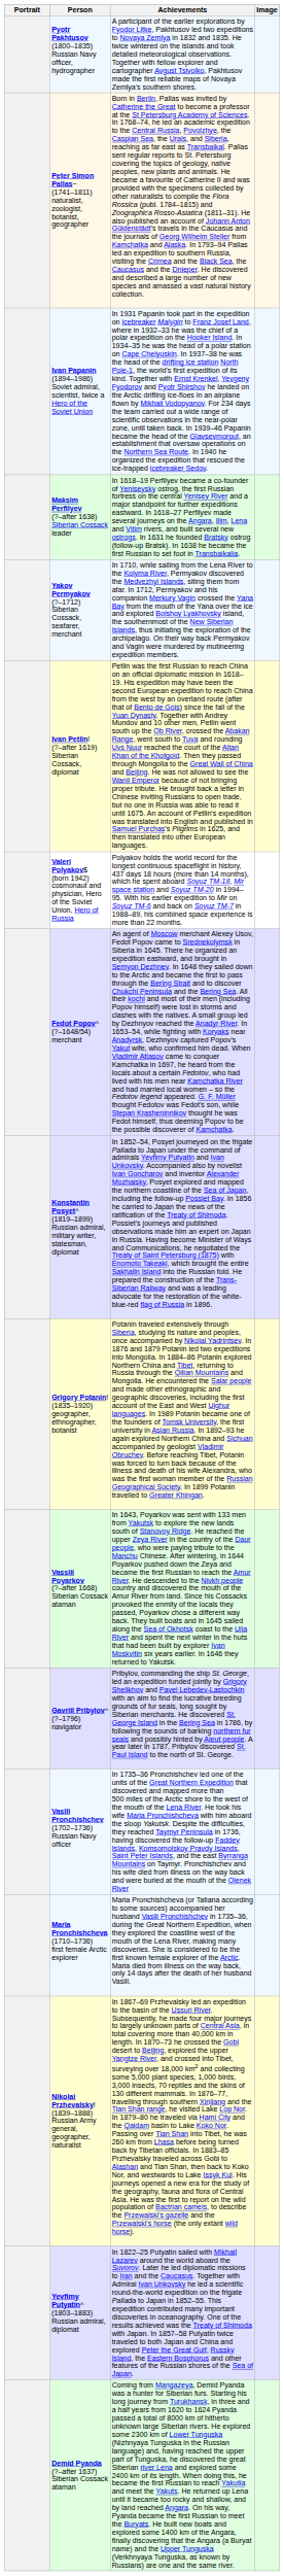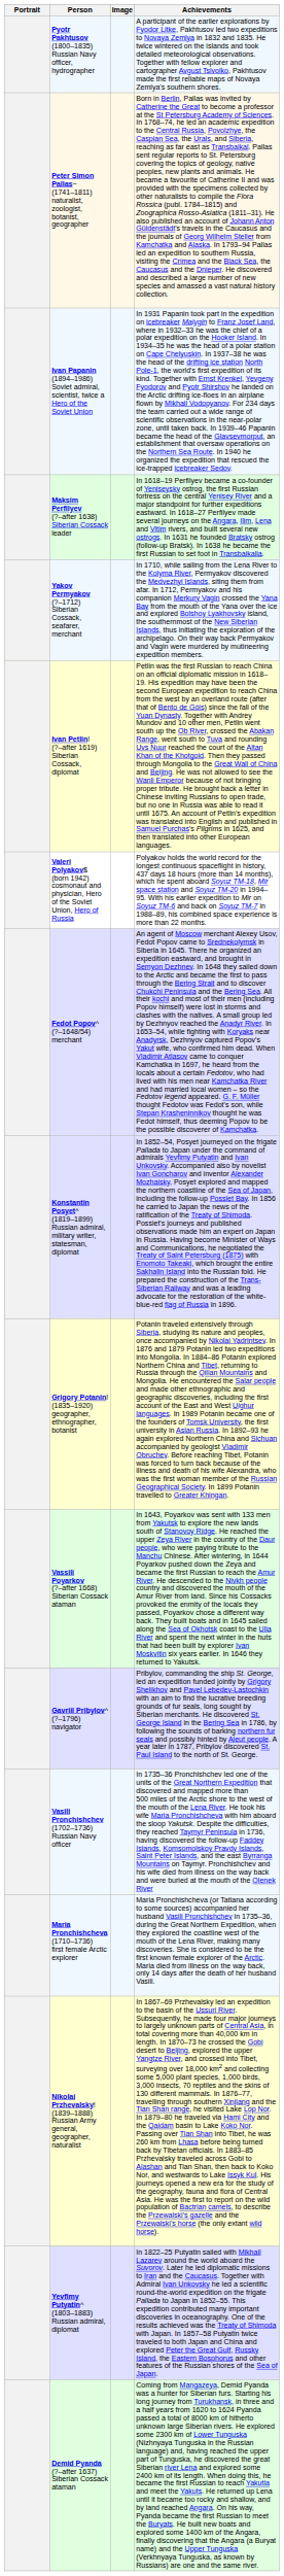 <table class="wikitable">
 <tr style="background:#ccc;">
 <th scope="col" width=18%>Portrait</th>
 <th scope="col" width=22%>Person</th>
+<th scope="col">Image</th>
 <th scope="col" width=60%>Achievements</th>
-<th scope="col">Image</th>
 </tr>
 <tr style="background:#f0f8ff;">
 <th scope="row" align=center></th>
 <td><strong><a href='#'>Pyotr Pakhtusov</a></strong><br>(1800–1835)<br>Russian Navy officer, hydrographer<br><br></td>
+<td align=center></td>
 <td>A participant of the earlier explorations by <a href='#'>Fyodor Litke</a>, Pakhtusov led two expeditions to <a href='#'>Novaya Zemlya</a> in 1832 and 1835. He twice wintered on the islands and took detailed meteorological observations. Together with fellow explorer and cartographer <a href='#'>Avgust Tsivolko</a>, Pakhtusov made the first reliable maps of Novaya Zemlya's southern shores.</td>
-<td align=center></td>
 </tr>
 <tr style="background:#fff8e7;">
 <th scope="row" align=center></th>
 <td><strong><a href='#'>Peter Simon Pallas</a></strong>~<br>(1741–1811)<br>naturalist, zoologist, botanist, geographer</td>
+<td align=center> </td>
 <td>Born in <a href='#'>Berlin</a>, Pallas was invited by <a href='#'>Catherine the Great</a> to become a professor at the <a href='#'>St Petersburg Academy of Sciences</a>. In 1768–74, he led an academic expedition to the <a href='#'>Central Russia</a>, <a href='#'>Povolzhye</a>, the <a href='#'>Caspian Sea</a>, the <a href='#'>Urals</a>, and <a href='#'>Siberia</a>, reaching as far east as <a href='#'>Transbaikal</a>. Pallas sent regular reports to St. Petersburg covering the topics of geology, native peoples, new plants and animals. He became a favourite of Catherine II and was provided with the specimens collected by other naturalists to compile the <em>Flora Rossica</em> (publ. 1784–1815) and <em>Zoographica Rosso-Asiatica</em> (1811–31). He also published an account of <a href='#'>Johann Anton Güldenstädt</a>'s travels in the Caucasus and the journals of <a href='#'>Georg Wilhelm Steller</a> from <a href='#'>Kamchatka</a> and <a href='#'>Alaska</a>. In 1793–94 Pallas led an expedition to southern Russia, visiting the <a href='#'>Crimea</a> and the <a href='#'>Black Sea</a>, the <a href='#'>Caucasus</a> and the <a href='#'>Dnieper</a>. He discovered and described a large number of new species and amassed a vast natural history collection.<br><br></td>
-<td align=center> </td>
 </tr>
 <tr style="background:#f0f8ff;">
 <th scope="row" align=center></th>
 <td><strong><a href='#'>Ivan Papanin</a></strong><br> (1894–1986)<br>Soviet admiral, scientist, twice a <a href='#'>Hero of the Soviet Union</a></td>
+<td align=center></td>
 <td>In 1931 Papanin took part in the expedition on <a href='#'>icebreaker</a> <em><a href='#'>Malygin</a></em> to <a href='#'>Franz Josef Land</a>, where in 1932–33 he was the chief of a polar expedition on the <a href='#'>Hooker Island</a>. In 1934–35 he was the head of a polar station on <a href='#'>Cape Chelyuskin</a>. In 1937–38 he was the head of the <a href='#'>drifting ice station</a> <a href='#'>North Pole-1</a>, the world's first expedition of its kind. Together with <a href='#'>Ernst Krenkel</a>, <a href='#'>Yevgeny Fyodorov</a> and <a href='#'>Pyotr Shirshov</a> he landed on the Arctic drifting ice-floes in an airplane flown by <a href='#'>Mikhail Vodopyanov</a>. For 234 days the team carried out a wide range of scientific observations in the near-polar zone, until taken back. In 1939–46 Papanin became the head of the <a href='#'>Glavsevmorput</a>, an establishment that oversaw operations on the <a href='#'>Northern Sea Route</a>. In 1940 he organized the expedition that rescued the ice-trapped <a href='#'>icebreaker Sedov</a>.</td>
-<td align=center></td>
 </tr>
 <tr style="background:#dfffdf;">
 <th scope="row"></th>
 <td><strong><a href='#'>Maksim Perfilyev</a></strong><br>(?–after 1638)<br><a href='#'>Siberian Cossack</a> leader</td>
+<td align=center></td>
 <td>In 1618–19 Perfilyev became a co-founder of <a href='#'>Yeniseysky</a> ostrog, the first Russian fortress on the central <a href='#'>Yenisey River</a> and a major standpoint for further expeditions eastward. In 1618–27 Perfilyev made several journeys on the <a href='#'>Angara</a>, <a href='#'>Ilim</a>, <a href='#'>Lena</a> and <a href='#'>Vitim</a> rivers, and built several new <a href='#'>ostrogs</a>. In 1631 he founded <a href='#'>Bratsky</a> ostrog (follow-up Bratsk). In 1638 he became the first Russian to set foot in <a href='#'>Transbaikalia</a>.</td>
-<td align=center></td>
 </tr>
 <tr style="background:#f0f8ff;">
 <th scope="row"></th>
 <td><strong><a href='#'>Yakov Permyakov</a></strong><br> (?–1712)<br>Siberian Cossack, seafarer, merchant</td>
+<td align=center></td>
 <td>In 1710, while sailing from the Lena River to the <a href='#'>Kolyma River</a>, Permyakov discovered the <a href='#'>Medvezhyi Islands</a>, siting them from afar. In 1712, Permyakov and his companion <a href='#'>Merkury Vagin</a> crossed the <a href='#'>Yana Bay</a> from the mouth of the Yana over the ice and explored <a href='#'>Bolshoy Lyakhovsky</a> island, the southernmost of the <a href='#'>New Siberian Islands</a>, thus initiating the exploration of the archipelago. On their way back Permyakov and Vagin were murdered by mutineering expedition members.</td>
-<td align=center></td>
 </tr>
 <tr style="background:#ffffd0;">
 <th scope="row"></th>
 <td><strong><a href='#'>Ivan Petlin</a></strong>!<br> (?–after 1619)<br>Siberian Cossack, diplomat</td>
+<td align=center></td>
 <td>Petlin was the first Russian to reach China on an official diplomatic mission in 1618–19. His expedition may have been the second European expedition to reach China from the west by an overland route (after that of <a href='#'>Bento de Góis</a>) since the fall of the <a href='#'>Yuan Dynasty</a>. Together with Andrey Mundov and 10 other men, Petlin went south up the <a href='#'>Ob River</a>, crossed the <a href='#'>Abakan Range</a>, went south to <a href='#'>Tuva</a> and rounding <a href='#'>Uvs Nuur</a> reached the court of the <a href='#'>Altan Khan of the Khotgoid</a>. Then they passed through Mongolia to the <a href='#'>Great Wall of China</a> and <a href='#'>Beijing</a>. He was not allowed to see the <a href='#'>Wanli Emperor</a> because of not bringing proper tribute. He brought back a letter in Chinese inviting Russians to open trade, but no one in Russia was able to read it until 1675. An account of Petlin's expedition was translated into English and published in <a href='#'>Samuel Purchas</a>'s <em>Pilgrims</em> in 1625, and then translated into other European languages.</td>
-<td align=center></td>
 </tr>
 <tr style="background:#FFFFFF;">
 <th scope="row" align=center></th>
 <td><strong><a href='#'>Valeri Polyakov</a></strong>$<br>(born 1942)<br>cosmonaut and physician, Hero of the Soviet Union, <a href='#'>Hero of Russia</a></td>
+<td align=center></td>
 <td>Polyakov holds the world record for the longest continuous spaceflight in history, 437 days 18 hours (more than 14 months), which he spent aboard <em><a href='#'>Soyuz TM-18</a></em>, <em><a href='#'>Mir</a></em> <a href='#'>space station</a> and <em><a href='#'>Soyuz TM-20</a></em> in 1994–95. With his earlier expedition to <em>Mir</em> on <em><a href='#'>Soyuz TM-6</a></em> and back on <em><a href='#'>Soyuz TM-7</a></em> in 1988–89, his combined space experience is more than 22 months.</td>
-<td align=center></td>
 </tr>
 <tr style="background:#dfdfff;">
 <th scope="row" align=center></th>
 <td><strong><a href='#'>Fedot Popov</a></strong>^<br>(?–1648/54)<br>merchant</td>
+<td align=center></td>
 <td>An agent of <a href='#'>Moscow</a> merchant Alexey Usov, Fedot Popov came to <a href='#'>Srednekolymsk</a> in Siberia in 1645. There he organized an expedition eastward, and brought in <a href='#'>Semyon Dezhnev</a>. In 1648 they sailed down to the Arctic and became the first to pass through the <a href='#'>Bering Strait</a> and to discover <a href='#'>Chukchi Peninsula</a> and the <a href='#'>Bering Sea</a>. All their <a href='#'>kochi</a> and most of their men (including Popov himself) were lost in storms and clashes with the natives. A small group led by Dezhnyov reached the <a href='#'>Anadyr River</a>. In 1653–54, while fighting with <a href='#'>Koryaks</a> near <a href='#'>Anadyrsk</a>, Dezhnyov captured Popov's <a href='#'>Yakut</a> wife, who confirmed him dead. When <a href='#'>Vladimir Atlasov</a> came to conquer Kamchatka in 1697, he heard from the locals about a certain <em>Fedotov</em>, who had lived with his men near <a href='#'>Kamchatka River</a> and had married local women – so the <em>Fedotov legend</em> appeared. <a href='#'>G. F. Müller</a> thought Fedotov was Fedot's son, while <a href='#'>Stepan Krasheninnikov</a> thought he was Fedot himself, thus deeming Popov to be the possible discoverer of <a href='#'>Kamchatka</a>.</td>
-<td align=center></td>
 </tr>
 <tr style="background:#dfdfff;">
 <th scope="row" align=center></th>
 <td><strong><a href='#'>Konstantin Posyet</a></strong>^<br>(1819–1899)<br>Russian admiral, military writer, statesman, diplomat</td>
+<td align=center></td>
 <td>In 1852–54, Posyet journeyed on the frigate <em>Pallada</em> to Japan under the command of admirals <a href='#'>Yevfimy Putyatin</a> and <a href='#'>Ivan Unkovsky</a>. Accompanied also by novelist <a href='#'>Ivan Goncharov</a> and inventor <a href='#'>Alexander Mozhaisky</a>, Posyet explored and mapped the northern coastline of the <a href='#'>Sea of Japan</a>, including the follow-up <a href='#'>Possiet Bay</a>. In 1856 he carried to Japan the news of the ratification of the <a href='#'>Treaty of Shimoda</a>. Possiet's journeys and published observations made him an expert on Japan in Russia. Having become Minister of Ways and Communications, he negotiated the <a href='#'>Treaty of Saint Petersburg (1875)</a> with <a href='#'>Enomoto Takeaki</a>, which brought the entire <a href='#'>Sakhalin Island</a> into the Russian fold. He prepared the construction of the <a href='#'>Trans-Siberian Railway</a> and was a leading advocate for the restoration of the white-blue-red <a href='#'>flag of Russia</a> in 1896.<br><br></td>
-<td align=center></td>
 </tr>
 <tr style="background:#ffffd0;">
 <th scope="row" align=center></th>
 <td><strong><a href='#'>Grigory Potanin</a></strong>!<br>(1835–1920)<br>geographer, ethnographer, botanist</td>
+<td align=center></td>
 <td>Potanin traveled extensively through <a href='#'>Siberia</a>, studying its nature and peoples, once accompanied by <a href='#'>Nikolai Yadrintsev</a>. In 1876 and 1879 Potanin led two expeditions into Mongolia. In 1884–86 Potanin explored Northern China and <a href='#'>Tibet</a>, returning to Russia through the <a href='#'>Qilian Mountains</a> and Mongolia. He encountered the <a href='#'>Salar people</a> and made other ethnographic and geographic discoveries, including the first account of the East and West <a href='#'>Uighur languages</a>. In 1989 Potanin became one of the founders of <a href='#'>Tomsk University</a>, the first university in <a href='#'>Asian Russia</a>. In 1892–93 he again explored Northern China and <a href='#'>Sichuan</a> accompanied by geologist <a href='#'>Vladimir Obruchev</a>. Before reaching Tibet, Potanin was forced to turn back because of the illness and death of his wife Alexandra, who was the first woman member of the <a href='#'>Russian Geographical Society</a>. In 1899 Potanin travelled to <a href='#'>Greater Khingan</a>.<br><br></td>
-<td align=center></td>
 </tr>
 <tr style="background:#dfffdf;">
 <th scope="row" align=center></th>
 <td><strong><a href='#'>Vassili Poyarkov</a></strong><br> (?–after 1668) <br>Siberian Cossack ataman</td>
+<td align=center></td>
 <td>In 1643, Poyarkov was sent with 133 men from <a href='#'>Yakutsk</a> to explore the new lands south of <a href='#'>Stanovoy Ridge</a>. He reached the upper <a href='#'>Zeya River</a> in the country of the <a href='#'>Daur people</a>, who were paying tribute to the <a href='#'>Manchu</a> Chinese. After wintering, in 1644 Poyarkov pushed down the Zeya and became  the first Russian to reach the <a href='#'>Amur River</a>. He descended to the <a href='#'>Nivkh people</a> country and discovered the mouth of the Amur River from land. Since his Cossacks provoked the enmity of the locals they passed, Poyarkov chose a different way back. They built boats and in 1645 sailed along the <a href='#'>Sea of Okhotsk</a> coast to the <a href='#'>Ulia River</a> and spent the next winter in the huts that had been built by explorer <a href='#'>Ivan Moskvitin</a> six years earlier. In 1646 they returned to Yakutsk.</td>
-<td align=center></td>
 </tr>
 <tr style="background:#dfdfff;">
 <th scope="row"></th>
 <td><strong><a href='#'>Gavriil Pribylov</a></strong>^<br>(?–1796)<br>navigator</td>
+<td align=center></td>
 <td>Pribylov, commanding the ship <em>St. George</em>, led an expedition funded jointly by <a href='#'>Grigory Shelikhov</a> and <a href='#'>Pavel Lebedev-Lastochkin</a> with an aim to find the lucrative breeding grounds of fur seals, long sought by Siberian merchants. He discovered <a href='#'>St. George Island</a> in the <a href='#'>Bering Sea</a> in 1786, by following the sounds of barking <a href='#'>northern fur seals</a> and possibly hinted by <a href='#'>Aleut people</a>. A year later in 1787, Pribylov discovered <a href='#'>St. Paul Island</a> to the north of St. George.<br><br></td>
-<td align=center></td>
 </tr>
 <tr style="background:#f0f8ff;">
 <th scope="row" align=center></th>
 <td><strong><a href='#'>Vasili Pronchishchev</a></strong><br>(1702–1736)<br>Russian Navy officer<br><br></td>
+<td align=center></td>
 <td>In 1735–36 Pronchishchev led one of the units of the <a href='#'>Great Northern Expedition</a> that discovered and mapped more than 500 miles of the Arctic shore to the west of the mouth of the <a href='#'>Lena River</a>. He took his wife <a href='#'>Maria Pronchishcheva</a> with him aboard the sloop <em>Yakutsk</em>. Despite the difficulties, they reached <a href='#'>Taymyr Peninsula</a> in 1736, having discovered the follow-up <a href='#'>Faddey Islands</a>, <a href='#'>Komsomolskoy Pravdy Islands</a>, <a href='#'>Saint Peter Islands</a>, and the east <a href='#'>Byrranga Mountains</a> on Taymyr. Pronchishchev and his wife died from illness on the way back and were buried at the mouth of the <a href='#'>Olenek River</a></td>
-<td align=center></td>
 </tr>
 <tr style="background:#f0f8ff;">
 <th scope="row" align=center></th>
 <td><strong><a href='#'>Maria Pronchishcheva</a></strong><br>(1710–1736)<br>first female Arctic explorer<br><br></td>
+<td align=center></td>
 <td>Maria Pronchishcheva (or Tatiana according to some sources) accompanied her husband <a href='#'>Vasili Pronchishchev</a> in 1735–36, during the Great Northern Expedition, when they explored the coastline west of the mouth of the Lena River, making many discoveries. She is considered to be the first known female explorer of the <a href='#'>Arctic</a>. Maria died from illness on the way back, only 14 days after the death of her husband Vasili.<br><br></td>
-<td align=center></td>
 </tr>
 <tr style="background:#ffffd0;">
 <th scope="row" align=center></th>
 <td><strong><a href='#'>Nikolai Przhevalsky</a></strong>!<br> (1839–1888)<br>Russian Army general, geographer, naturalist</td>
+<td align=center></td>
 <td>In 1867–69 Przhevalsky led an expedition to the basin of the <a href='#'>Ussuri River</a>. Subsequently, he made four major journeys to largely unknown parts of <a href='#'>Central Asia</a>, in total covering more than 40,000 km in length. In 1870–73 he crossed the <a href='#'>Gobi</a> desert to <a href='#'>Beijing</a>, explored the upper <a href='#'>Yangtze River</a>, and crossed into Tibet, surveying over 18,000 km<sup>2</sup> and collecting some 5,000 plant species, 1,000 birds, 3,000 insects, 70 reptiles and the skins of 130 different mammals. In 1876–77, travelling through southern <a href='#'>Xinjiang</a> and the <a href='#'>Tian Shan range</a>, he visited Lake <a href='#'>Lop Nor</a>. In 1879–80 he traveled via <a href='#'>Hami City</a> and the <a href='#'>Qaidam</a> basin to Lake <a href='#'>Koko Nor</a>. Passing over <a href='#'>Tian Shan</a> into Tibet, he was 260 km from <a href='#'>Lhasa</a> before being turned back by Tibetan officials. In 1883–85 Przhevalsky traveled across Gobi to <a href='#'>Alashan</a> and Tian Shan, then back to Koko Nor, and westwards to Lake <a href='#'>Issyk Kul</a>. His journeys opened a new era for the study of the geography, fauna and flora of Central Asia. He was the first to report on the wild population of <a href='#'>Bactrian camels</a>, to describe the <a href='#'>Przewalski's gazelle</a> and the <a href='#'>Przewalski's horse</a> (the only extant <a href='#'>wild horse</a>).<br><br></td>
-<td align=center></td>
 </tr>
 <tr style="background:#dfdfff;">
 <th scope="row" align=center></th>
 <td><strong><a href='#'>Yevfimy Putyatin</a></strong>^<br>(1803–1883)<br>Russian admiral, diplomat</td>
+<td align=center></td>
 <td>In 1822–25 Putyatin sailed with <a href='#'>Mikhail Lazarev</a> around the world aboard the <em><a href='#'>Suvorov</a></em>. Later he led diplomatic missions to <a href='#'>Iran</a> and the <a href='#'>Caucasus</a>. Together with Admiral <a href='#'>Ivan Unkovsky</a> he led a scientific round-the-world expedition on the frigate <em>Pallada</em> to Japan in 1852–55. This expedition contributed many important discoveries in oceanography. One of the results achieved was the <a href='#'>Treaty of Shimoda</a> with Japan. In 1857–58 Putyatin twice traveled to both Japan and China and explored <a href='#'>Peter the Great Gulf</a>, <a href='#'>Russky Island</a>, the <a href='#'>Eastern Bosphorus</a> and other features of the Russian shores of the <a href='#'>Sea of Japan</a>.</td>
-<td align=center></td>
 </tr>
 <tr style="background:#dfffdf;">
 <th scope="row"></th>
 <td><strong><a href='#'>Demid Pyanda</a></strong><br>(?–after 1637)<br>Siberian Cossack ataman</td>
+<td align=center></td>
 <td>Coming from <a href='#'>Mangazeya</a>, Demid Pyanda was a hunter for Siberian furs. Starting his long journey from <a href='#'>Turukhansk</a>, in three and a half years from 1620 to 1624 Pyanda passed a total of 8000 km of hitherto unknown large Siberian rivers. He explored some 2300 km of <a href='#'>Lower Tunguska</a> (Nizhnyaya Tunguska in the Russian language) and, having reached the upper part of Tunguska, he discovered the great Siberian <a href='#'>river Lena</a> and explored some 2400 km of its length. When doing this, he became the first Russian to reach <a href='#'>Yakutia</a> and meet the <a href='#'>Yakuts</a>. He returned up Lena until it became too rocky and shallow, and by land reached <a href='#'>Angara</a>. On his way, Pyanda became the first Russian to meet the <a href='#'>Buryats</a>. He built new boats and explored some 1400 km of the Angara, finally discovering that the Angara (a Buryat name) and the <a href='#'>Upper Tunguska</a> (Verkhnyaya Tunguska, as known by Russians) are one and the same river.</td>
-<td align=center></td>
 </tr>
 </table>
